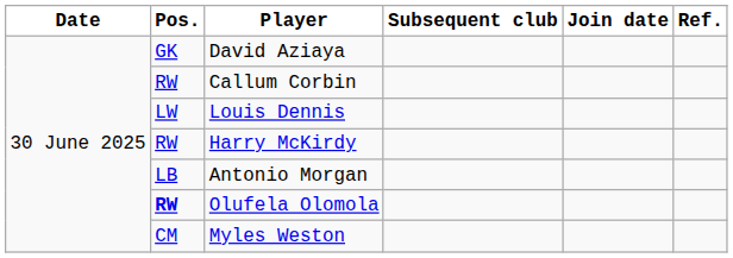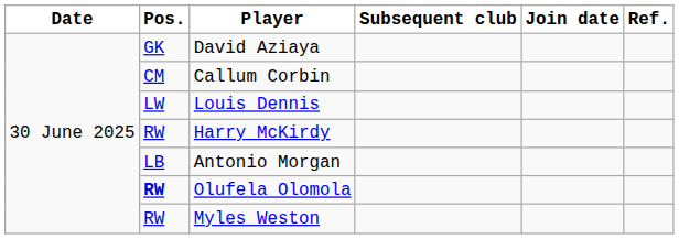 <table class="wikitable plainrowheaders sortable">
 <tr>
 <th style="background-color:#FFFFFF; color:#000000; ">Date</th>
 <th style="background-color:#FFFFFF; color:#000000; ">Pos.</th>
 <th style="background-color:#FFFFFF; color:#000000; ">Player</th>
 <th style="background-color:#FFFFFF; color:#000000; ">Subsequent club</th>
 <th style="background-color:#FFFFFF; color:#000000; ">Join date</th>
 <th style="background-color:#FFFFFF; color:#000000; ">Ref.</th>
 </tr>
 <tr>
 <td rowspan="7">30 June 2025</td>
 <td><a href='#'>GK</a></td>
 <td> David Aziaya</td>
 <td></td>
 <td></td>
 <td></td>
 </tr>
 <tr>
-<td><a href='#'>RW</a></td>
+<td><a href='#'>CM</a></td>
 <td> Callum Corbin</td>
 <td></td>
 <td></td>
 <td></td>
 </tr>
 <tr>
 <td><a href='#'>LW</a></td>
 <td> <a href='#'>Louis Dennis</a></td>
 <td></td>
 <td></td>
 <td></td>
 </tr>
 <tr>
 <td><a href='#'>RW</a></td>
 <td> <a href='#'>Harry McKirdy</a></td>
 <td></td>
 <td></td>
 <td></td>
 </tr>
 <tr>
 <td><a href='#'>LB</a></td>
 <td> Antonio Morgan</td>
 <td></td>
 <td></td>
 <td></td>
 </tr>
 <tr>
 <td><strong><a href='#'>RW</a></strong></td>
 <td> <a href='#'>Olufela Olomola</a></td>
 <td></td>
 <td></td>
 <td></td>
 </tr>
 <tr>
-<td><a href='#'>CM</a></td>
+<td><a href='#'>RW</a></td>
 <td> <a href='#'>Myles Weston</a></td>
 <td></td>
 <td></td>
 <td></td>
 </tr>
 </table>
